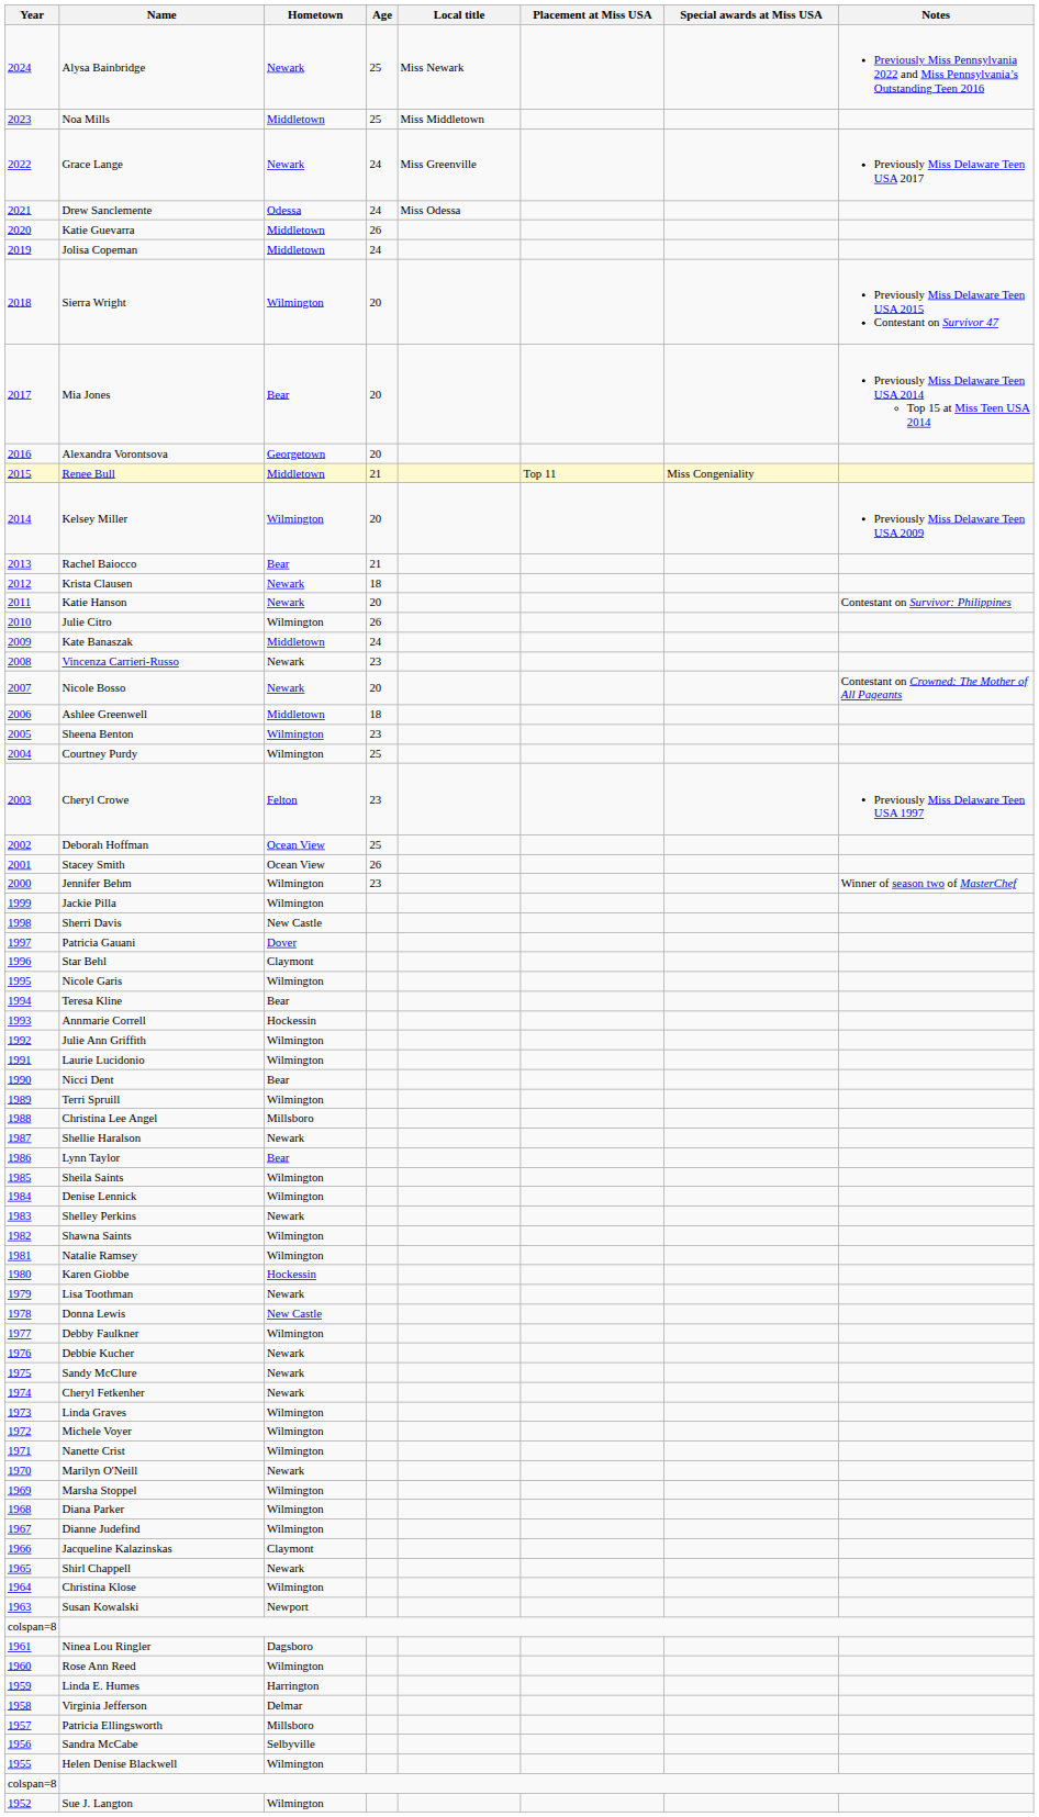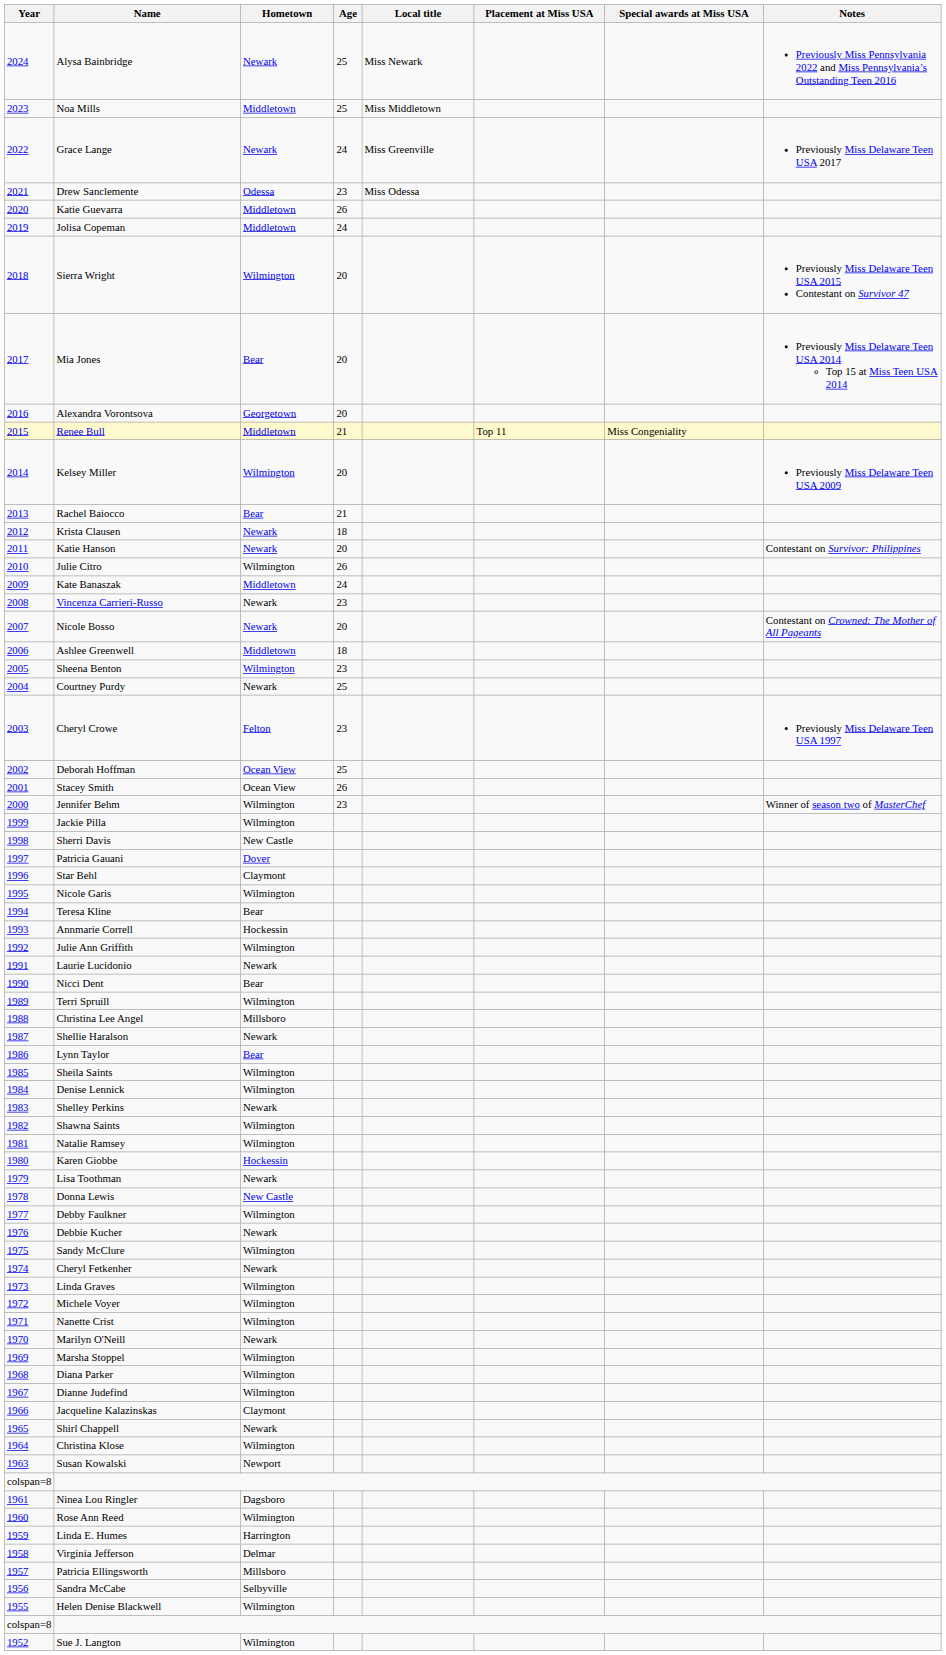 <table class="wikitable"style="font-size:90%;">
 <tr bgcolor="#efefef">
 <th width=5%>Year</th>
 <th width=20%>Name</th>
 <th width=10%>Hometown</th>
 <th width=3%>Age</th>
 <th width=12%>Local title</th>
 <th width=14%>Placement at Miss USA</th>
 <th width=17%>Special awards at Miss USA</th>
 <th width=31%>Notes</th>
 </tr>
 <tr>
 <td><a href='#'>2024</a></td>
 <td>Alysa Bainbridge</td>
 <td><a href='#'>Newark</a></td>
 <td>25</td>
 <td>Miss Newark</td>
 <td></td>
 <td></td>
 <td><br><ul><li><a href='#'>Previously Miss Pennsylvania 2022</a> and <a href='#'>Miss Pennsylvania’s Outstanding Teen 2016</a></li></ul></td>
 </tr>
 <tr>
 <td><a href='#'>2023</a></td>
 <td>Noa Mills</td>
 <td><a href='#'>Middletown</a></td>
 <td>25</td>
 <td>Miss Middletown</td>
 <td></td>
 <td></td>
 <td></td>
 </tr>
 <tr>
 <td><a href='#'>2022</a></td>
 <td>Grace Lange</td>
 <td><a href='#'>Newark</a></td>
 <td>24</td>
 <td>Miss Greenville</td>
 <td></td>
 <td></td>
 <td><br><ul><li>Previously <a href='#'>Miss Delaware Teen USA</a> 2017</li></ul></td>
 </tr>
 <tr>
 <td><a href='#'>2021</a></td>
 <td>Drew Sanclemente</td>
 <td><a href='#'>Odessa</a></td>
-<td>24</td>
+<td>23</td>
 <td>Miss Odessa</td>
 <td></td>
 <td></td>
 <td></td>
 </tr>
 <tr>
 <td><a href='#'>2020</a></td>
 <td>Katie Guevarra</td>
 <td><a href='#'>Middletown</a></td>
 <td>26</td>
 <td></td>
 <td></td>
 <td></td>
 <td></td>
 </tr>
 <tr>
 <td><a href='#'>2019</a></td>
 <td>Jolisa Copeman</td>
 <td><a href='#'>Middletown</a></td>
 <td>24</td>
 <td></td>
 <td></td>
 <td></td>
 <td></td>
 </tr>
 <tr>
 <td><a href='#'>2018</a></td>
 <td>Sierra Wright</td>
 <td><a href='#'>Wilmington</a></td>
 <td>20</td>
 <td></td>
 <td></td>
 <td></td>
 <td><br><ul><li>Previously <a href='#'>Miss Delaware Teen USA 2015</a></li><li>Contestant on <em><a href='#'>Survivor 47</a></em></li></ul></td>
 </tr>
 <tr>
 <td><a href='#'>2017</a></td>
 <td>Mia Jones</td>
 <td><a href='#'>Bear</a></td>
 <td>20</td>
 <td></td>
 <td></td>
 <td></td>
 <td><br><ul><li>Previously <a href='#'>Miss Delaware Teen USA 2014</a><ul><li>Top 15 at <a href='#'>Miss Teen USA 2014</a></li></ul></li></ul></td>
 </tr>
 <tr>
 <td><a href='#'>2016</a></td>
 <td>Alexandra Vorontsova</td>
 <td><a href='#'>Georgetown</a></td>
 <td>20</td>
 <td></td>
 <td></td>
 <td></td>
 <td></td>
 </tr>
 <tr style="background-color:#FFFACD;">
 <td><a href='#'>2015</a></td>
 <td><a href='#'>Renee Bull</a></td>
 <td><a href='#'>Middletown</a></td>
 <td>21</td>
 <td></td>
 <td>Top 11</td>
 <td>Miss Congeniality</td>
 <td></td>
 </tr>
 <tr>
 <td><a href='#'>2014</a></td>
 <td>Kelsey Miller</td>
 <td><a href='#'>Wilmington</a></td>
 <td>20</td>
 <td></td>
 <td></td>
 <td></td>
 <td><br><ul><li>Previously <a href='#'>Miss Delaware Teen USA 2009</a></li></ul></td>
 </tr>
 <tr>
 <td><a href='#'>2013</a></td>
 <td>Rachel Baiocco</td>
 <td><a href='#'>Bear</a></td>
 <td>21</td>
 <td></td>
 <td></td>
 <td></td>
 <td></td>
 </tr>
 <tr>
 <td><a href='#'>2012</a></td>
 <td>Krista Clausen</td>
 <td><a href='#'>Newark</a></td>
 <td>18</td>
 <td></td>
 <td></td>
 <td></td>
 <td></td>
 </tr>
 <tr>
 <td><a href='#'>2011</a></td>
 <td>Katie Hanson</td>
 <td><a href='#'>Newark</a></td>
 <td>20</td>
 <td></td>
 <td></td>
 <td></td>
 <td>Contestant on <em><a href='#'>Survivor: Philippines</a></em></td>
 </tr>
 <tr>
 <td><a href='#'>2010</a></td>
 <td>Julie Citro</td>
 <td>Wilmington</td>
 <td>26</td>
 <td></td>
 <td></td>
 <td></td>
 <td></td>
 </tr>
 <tr>
 <td><a href='#'>2009</a></td>
 <td>Kate Banaszak</td>
 <td><a href='#'>Middletown</a></td>
 <td>24</td>
 <td></td>
 <td></td>
 <td></td>
 <td></td>
 </tr>
 <tr>
 <td><a href='#'>2008</a></td>
 <td><a href='#'>Vincenza Carrieri-Russo</a></td>
 <td>Newark</td>
 <td>23</td>
 <td></td>
 <td></td>
 <td></td>
 <td></td>
 </tr>
 <tr>
 <td><a href='#'>2007</a></td>
 <td>Nicole Bosso</td>
 <td><a href='#'>Newark</a></td>
 <td>20</td>
 <td></td>
 <td></td>
 <td></td>
 <td>Contestant on <em><a href='#'>Crowned: The Mother of All Pageants</a></em></td>
 </tr>
 <tr>
 <td><a href='#'>2006</a></td>
 <td>Ashlee Greenwell</td>
 <td><a href='#'>Middletown</a></td>
 <td>18</td>
 <td></td>
 <td></td>
 <td></td>
 <td></td>
 </tr>
 <tr>
 <td><a href='#'>2005</a></td>
 <td>Sheena Benton</td>
 <td><a href='#'>Wilmington</a></td>
 <td>23</td>
 <td></td>
 <td></td>
 <td></td>
 <td></td>
 </tr>
 <tr>
 <td><a href='#'>2004</a></td>
 <td>Courtney Purdy</td>
-<td>Wilmington</td>
+<td>Newark</td>
 <td>25</td>
 <td></td>
 <td></td>
 <td></td>
 <td></td>
 </tr>
 <tr>
 <td><a href='#'>2003</a></td>
 <td>Cheryl Crowe</td>
 <td><a href='#'>Felton</a></td>
 <td>23</td>
 <td></td>
 <td></td>
 <td></td>
 <td><br><ul><li>Previously <a href='#'>Miss Delaware Teen USA 1997</a></li></ul></td>
 </tr>
 <tr>
 <td><a href='#'>2002</a></td>
 <td>Deborah Hoffman</td>
 <td><a href='#'>Ocean View</a></td>
 <td>25</td>
 <td></td>
 <td></td>
 <td></td>
 <td></td>
 </tr>
 <tr>
 <td><a href='#'>2001</a></td>
 <td>Stacey Smith</td>
 <td>Ocean View</td>
 <td>26</td>
 <td></td>
 <td></td>
 <td></td>
 <td></td>
 </tr>
 <tr>
 <td><a href='#'>2000</a></td>
 <td>Jennifer Behm</td>
 <td>Wilmington</td>
 <td>23</td>
 <td></td>
 <td></td>
 <td></td>
 <td>Winner of <a href='#'>season two</a> of <em><a href='#'>MasterChef</a></em></td>
 </tr>
 <tr>
 <td><a href='#'>1999</a></td>
 <td>Jackie Pilla</td>
 <td>Wilmington</td>
 <td></td>
 <td></td>
 <td></td>
 <td></td>
 <td></td>
 </tr>
 <tr>
 <td><a href='#'>1998</a></td>
 <td>Sherri Davis</td>
 <td>New Castle</td>
 <td></td>
 <td></td>
 <td></td>
 <td></td>
 <td></td>
 </tr>
 <tr>
 <td><a href='#'>1997</a></td>
 <td>Patricia Gauani</td>
 <td><a href='#'>Dover</a></td>
 <td></td>
 <td></td>
 <td></td>
 <td></td>
 <td></td>
 </tr>
 <tr>
 <td><a href='#'>1996</a></td>
 <td>Star Behl</td>
 <td>Claymont</td>
 <td></td>
 <td></td>
 <td></td>
 <td></td>
 <td></td>
 </tr>
 <tr>
 <td><a href='#'>1995</a></td>
 <td>Nicole Garis</td>
 <td>Wilmington</td>
 <td></td>
 <td></td>
 <td></td>
 <td></td>
 <td></td>
 </tr>
 <tr>
 <td><a href='#'>1994</a></td>
 <td>Teresa Kline</td>
 <td>Bear</td>
 <td></td>
 <td></td>
 <td></td>
 <td></td>
 <td></td>
 </tr>
 <tr>
 <td><a href='#'>1993</a></td>
 <td>Annmarie Correll</td>
 <td>Hockessin</td>
 <td></td>
 <td></td>
 <td></td>
 <td></td>
 <td></td>
 </tr>
 <tr>
 <td><a href='#'>1992</a></td>
 <td>Julie Ann Griffith</td>
 <td>Wilmington</td>
 <td></td>
 <td></td>
 <td></td>
 <td></td>
 <td></td>
 </tr>
 <tr>
 <td><a href='#'>1991</a></td>
 <td>Laurie Lucidonio</td>
-<td>Wilmington</td>
+<td>Newark</td>
 <td></td>
 <td></td>
 <td></td>
 <td></td>
 <td></td>
 </tr>
 <tr>
 <td><a href='#'>1990</a></td>
 <td>Nicci Dent</td>
 <td>Bear</td>
 <td></td>
 <td></td>
 <td></td>
 <td></td>
 <td></td>
 </tr>
 <tr>
 <td><a href='#'>1989</a></td>
 <td>Terri Spruill</td>
 <td>Wilmington</td>
 <td></td>
 <td></td>
 <td></td>
 <td></td>
 <td></td>
 </tr>
 <tr>
 <td><a href='#'>1988</a></td>
 <td>Christina Lee Angel</td>
 <td>Millsboro</td>
 <td></td>
 <td></td>
 <td></td>
 <td></td>
 <td></td>
 </tr>
 <tr>
 <td><a href='#'>1987</a></td>
 <td>Shellie Haralson</td>
 <td>Newark</td>
 <td></td>
 <td></td>
 <td></td>
 <td></td>
 <td></td>
 </tr>
 <tr>
 <td><a href='#'>1986</a></td>
 <td>Lynn Taylor</td>
 <td><a href='#'>Bear</a></td>
 <td></td>
 <td></td>
 <td></td>
 <td></td>
 <td></td>
 </tr>
 <tr>
 <td><a href='#'>1985</a></td>
 <td>Sheila Saints</td>
 <td>Wilmington</td>
 <td></td>
 <td></td>
 <td></td>
 <td></td>
 <td></td>
 </tr>
 <tr>
 <td><a href='#'>1984</a></td>
 <td>Denise Lennick</td>
 <td>Wilmington</td>
 <td></td>
 <td></td>
 <td></td>
 <td></td>
 <td></td>
 </tr>
 <tr>
 <td><a href='#'>1983</a></td>
 <td>Shelley Perkins</td>
 <td>Newark</td>
 <td></td>
 <td></td>
 <td></td>
 <td></td>
 <td></td>
 </tr>
 <tr>
 <td><a href='#'>1982</a></td>
 <td>Shawna Saints</td>
 <td>Wilmington</td>
 <td></td>
 <td></td>
 <td></td>
 <td></td>
 <td></td>
 </tr>
 <tr>
 <td><a href='#'>1981</a></td>
 <td>Natalie Ramsey</td>
 <td>Wilmington</td>
 <td></td>
 <td></td>
 <td></td>
 <td></td>
 <td></td>
 </tr>
 <tr>
 <td><a href='#'>1980</a></td>
 <td>Karen Giobbe</td>
 <td><a href='#'>Hockessin</a></td>
 <td></td>
 <td></td>
 <td></td>
 <td></td>
 <td></td>
 </tr>
 <tr>
 <td><a href='#'>1979</a></td>
 <td>Lisa Toothman</td>
 <td>Newark</td>
 <td></td>
 <td></td>
 <td></td>
 <td></td>
 <td></td>
 </tr>
 <tr>
 <td><a href='#'>1978</a></td>
 <td>Donna Lewis</td>
 <td><a href='#'>New Castle</a></td>
 <td></td>
 <td></td>
 <td></td>
 <td></td>
 <td></td>
 </tr>
 <tr>
 <td><a href='#'>1977</a></td>
 <td>Debby Faulkner</td>
 <td>Wilmington</td>
 <td></td>
 <td></td>
 <td></td>
 <td></td>
 <td></td>
 </tr>
 <tr>
 <td><a href='#'>1976</a></td>
 <td>Debbie Kucher</td>
 <td>Newark</td>
 <td></td>
 <td></td>
 <td></td>
 <td></td>
 <td></td>
 </tr>
 <tr>
 <td><a href='#'>1975</a></td>
 <td>Sandy McClure</td>
-<td>Newark</td>
+<td>Wilmington</td>
 <td></td>
 <td></td>
 <td></td>
 <td></td>
 <td></td>
 </tr>
 <tr>
 <td><a href='#'>1974</a></td>
 <td>Cheryl Fetkenher</td>
 <td>Newark</td>
 <td></td>
 <td></td>
 <td></td>
 <td></td>
 <td></td>
 </tr>
 <tr>
 <td><a href='#'>1973</a></td>
 <td>Linda Graves</td>
 <td>Wilmington</td>
 <td></td>
 <td></td>
 <td></td>
 <td></td>
 <td></td>
 </tr>
 <tr>
 <td><a href='#'>1972</a></td>
 <td>Michele Voyer</td>
 <td>Wilmington</td>
 <td></td>
 <td></td>
 <td></td>
 <td></td>
 <td></td>
 </tr>
 <tr>
 <td><a href='#'>1971</a></td>
 <td>Nanette Crist</td>
 <td>Wilmington</td>
 <td></td>
 <td></td>
 <td></td>
 <td></td>
 <td></td>
 </tr>
 <tr>
 <td><a href='#'>1970</a></td>
 <td>Marilyn O'Neill</td>
 <td>Newark</td>
 <td></td>
 <td></td>
 <td></td>
 <td></td>
 <td></td>
 </tr>
 <tr>
 <td><a href='#'>1969</a></td>
 <td>Marsha Stoppel</td>
 <td>Wilmington</td>
 <td></td>
 <td></td>
 <td></td>
 <td></td>
 <td></td>
 </tr>
 <tr>
 <td><a href='#'>1968</a></td>
 <td>Diana Parker</td>
 <td>Wilmington</td>
 <td></td>
 <td></td>
 <td></td>
 <td></td>
 <td></td>
 </tr>
 <tr>
 <td><a href='#'>1967</a></td>
 <td>Dianne Judefind</td>
 <td>Wilmington</td>
 <td></td>
 <td></td>
 <td></td>
 <td></td>
 <td></td>
 </tr>
 <tr>
 <td><a href='#'>1966</a></td>
 <td>Jacqueline Kalazinskas</td>
 <td>Claymont</td>
 <td></td>
 <td></td>
 <td></td>
 <td></td>
 <td></td>
 </tr>
 <tr>
 <td><a href='#'>1965</a></td>
 <td>Shirl Chappell</td>
 <td>Newark</td>
 <td></td>
 <td></td>
 <td></td>
 <td></td>
 <td></td>
 </tr>
 <tr>
 <td><a href='#'>1964</a></td>
 <td>Christina Klose</td>
 <td>Wilmington</td>
 <td></td>
 <td></td>
 <td></td>
 <td></td>
 <td></td>
 </tr>
 <tr>
 <td><a href='#'>1963</a></td>
 <td>Susan Kowalski</td>
 <td>Newport</td>
 <td></td>
 <td></td>
 <td></td>
 <td></td>
 <td></td>
 </tr>
 <tr>
 <td>colspan=8 </td>
 </tr>
 <tr>
 <td><a href='#'>1961</a></td>
 <td>Ninea Lou Ringler</td>
 <td>Dagsboro</td>
 <td></td>
 <td></td>
 <td></td>
 <td></td>
 <td></td>
 </tr>
 <tr>
 <td><a href='#'>1960</a></td>
 <td>Rose Ann Reed</td>
 <td>Wilmington</td>
 <td></td>
 <td></td>
 <td></td>
 <td></td>
 <td></td>
 </tr>
 <tr>
 <td><a href='#'>1959</a></td>
 <td>Linda E. Humes</td>
 <td>Harrington</td>
 <td></td>
 <td></td>
 <td></td>
 <td></td>
 <td></td>
 </tr>
 <tr>
 <td><a href='#'>1958</a></td>
 <td>Virginia Jefferson</td>
 <td>Delmar</td>
 <td></td>
 <td></td>
 <td></td>
 <td></td>
 <td></td>
 </tr>
 <tr>
 <td><a href='#'>1957</a></td>
 <td>Patricia Ellingsworth</td>
 <td>Millsboro</td>
 <td></td>
 <td></td>
 <td></td>
 <td></td>
 <td></td>
 </tr>
 <tr>
 <td><a href='#'>1956</a></td>
 <td>Sandra McCabe</td>
 <td>Selbyville</td>
 <td></td>
 <td></td>
 <td></td>
 <td></td>
 <td></td>
 </tr>
 <tr>
 <td><a href='#'>1955</a></td>
 <td>Helen Denise Blackwell</td>
 <td>Wilmington</td>
 <td></td>
 <td></td>
 <td></td>
 <td></td>
 <td></td>
 </tr>
 <tr>
 <td>colspan=8 </td>
 </tr>
 <tr>
 <td><a href='#'>1952</a></td>
 <td>Sue J. Langton</td>
 <td>Wilmington</td>
 <td></td>
 <td></td>
 <td></td>
 <td></td>
 <td></td>
 </tr>
 </table>
